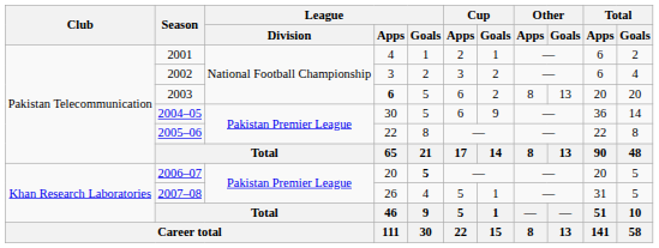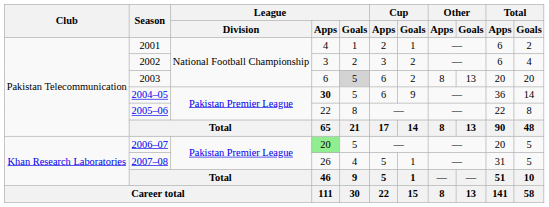 <table class="wikitable" style="text-align: center;">
 <tr>
 <th rowspan=2>Club</th>
 <th rowspan=2>Season</th>
 <th colspan=3>League</th>
 <th colspan=2>Cup</th>
 <th colspan=2>Other</th>
 <th colspan=2>Total</th>
 </tr>
 <tr>
 <th>Division</th>
 <th>Apps</th>
 <th>Goals</th>
 <th>Apps</th>
 <th>Goals</th>
 <th>Apps</th>
 <th>Goals</th>
 <th>Apps</th>
 <th>Goals</th>
 </tr>
 <tr>
 <td rowspan=6>Pakistan Telecommunication</td>
 <td>2001</td>
 <td rowspan=3>National Football Championship</td>
 <td>4</td>
 <td>1</td>
 <td>2</td>
 <td>1</td>
 <td colspan=2>—</td>
 <td>6</td>
 <td>2</td>
 </tr>
 <tr>
 <td>2002</td>
 <td>3</td>
 <td>2</td>
 <td>3</td>
 <td>2</td>
 <td colspan=2>—</td>
 <td>6</td>
 <td>4</td>
 </tr>
 <tr>
 <td>2003</td>
-<td><strong>6</strong></td>
-<td>5</td>
+<td>6</td>
+<td style="background: lightgrey;">5</td>
 <td>6</td>
 <td>2</td>
 <td>8</td>
 <td>13</td>
 <td>20</td>
 <td>20</td>
 </tr>
 <tr>
 <td><a href='#'>2004–05</a></td>
 <td rowspan=2><a href='#'>Pakistan Premier League</a></td>
-<td>30</td>
+<td><strong>30</strong></td>
 <td>5</td>
 <td>6</td>
 <td>9</td>
 <td colspan=2>—</td>
 <td>36</td>
 <td>14</td>
 </tr>
 <tr>
 <td><a href='#'>2005–06</a></td>
 <td>22</td>
 <td>8</td>
 <td colspan=2>—</td>
 <td colspan=2>—</td>
 <td>22</td>
 <td>8</td>
 </tr>
 <tr>
 <th colspan=2>Total</th>
 <th>65</th>
 <th>21</th>
 <th>17</th>
 <th>14</th>
 <th>8</th>
 <th>13</th>
 <th>90</th>
 <th>48</th>
 </tr>
 <tr>
 <td rowspan=3><a href='#'>Khan Research Laboratories</a></td>
 <td><a href='#'>2006–07</a></td>
 <td rowspan=2><a href='#'>Pakistan Premier League</a></td>
-<td>20</td>
-<td><strong>5</strong></td>
+<td style="background: lightgreen;">20</td>
+<td>5</td>
 <td colspan=2>—</td>
 <td colspan=2>—</td>
 <td>20</td>
 <td>5</td>
 </tr>
 <tr>
 <td><a href='#'>2007–08</a></td>
 <td>26</td>
 <td>4</td>
 <td>5</td>
 <td>1</td>
 <td colspan=2>—</td>
 <td>31</td>
 <td>5</td>
 </tr>
 <tr>
 <th colspan=2>Total</th>
 <th>46</th>
 <th>9</th>
 <th>5</th>
 <th>1</th>
 <th>—</th>
 <th>—</th>
 <th>51</th>
 <th>10</th>
 </tr>
 <tr>
 <th colspan=3>Career total</th>
 <th>111</th>
 <th>30</th>
 <th>22</th>
 <th>15</th>
 <th>8</th>
 <th>13</th>
 <th>141</th>
 <th>58</th>
 </tr>
 </table>
